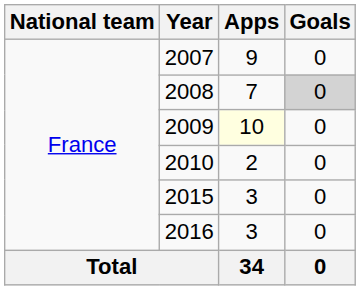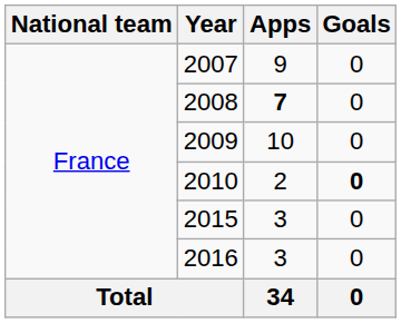 <table class="wikitable" style="text-align: center;">
 <tr>
 <th>National team</th>
 <th>Year</th>
 <th>Apps</th>
 <th>Goals</th>
 </tr>
 <tr>
 <td rowspan="6"><a href='#'>France</a></td>
 <td>2007</td>
 <td>9</td>
 <td>0</td>
 </tr>
 <tr>
 <td>2008</td>
-<td>7</td>
-<td style="background: lightgrey;">0</td>
+<td><strong>7</strong></td>
+<td>0</td>
 </tr>
 <tr>
 <td>2009</td>
-<td style="background: lightyellow;">10</td>
+<td>10</td>
 <td>0</td>
 </tr>
 <tr>
 <td>2010</td>
 <td>2</td>
-<td>0</td>
+<td><strong>0</strong></td>
 </tr>
 <tr>
 <td>2015</td>
 <td>3</td>
 <td>0</td>
 </tr>
 <tr>
 <td>2016</td>
 <td>3</td>
 <td>0</td>
 </tr>
 <tr>
 <th colspan="2">Total</th>
 <th>34</th>
 <th>0</th>
 </tr>
 </table>
